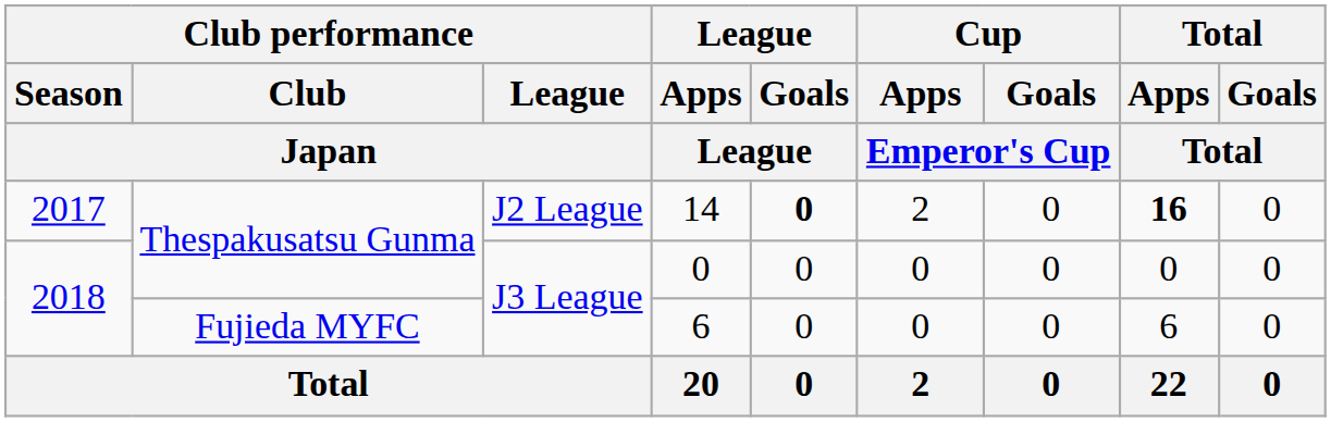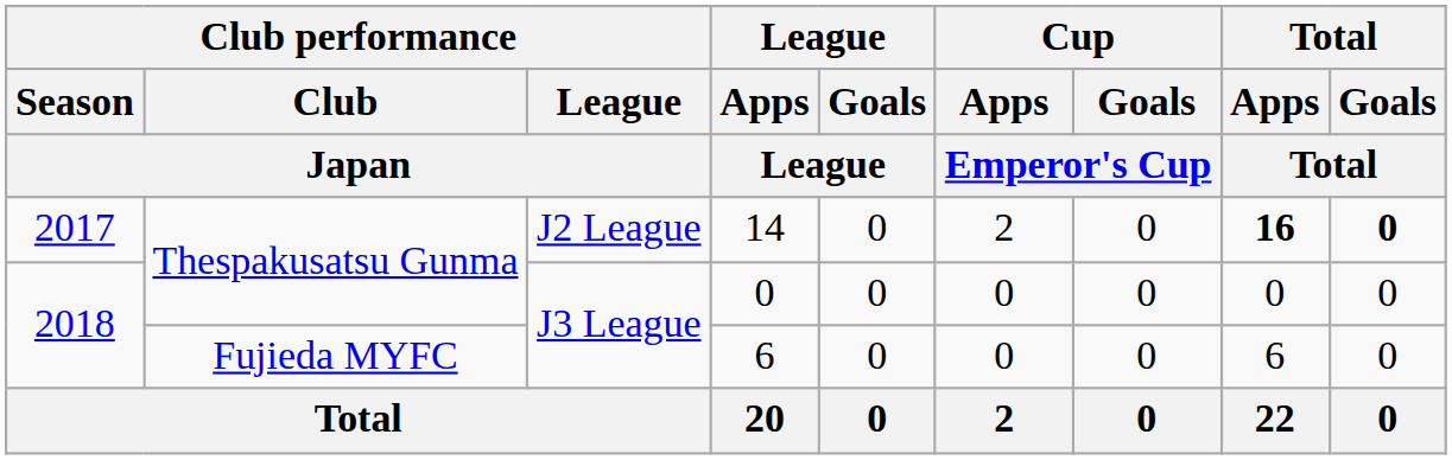 <table class="wikitable" style="text-align:center;">
 <tr>
 <th colspan=3>Club performance</th>
 <th colspan=2>League</th>
 <th colspan=2>Cup</th>
 <th colspan=2>Total</th>
 </tr>
 <tr>
 <th>Season</th>
 <th>Club</th>
 <th>League</th>
 <th>Apps</th>
 <th>Goals</th>
 <th>Apps</th>
 <th>Goals</th>
 <th>Apps</th>
 <th>Goals</th>
 </tr>
 <tr>
 <th colspan=3>Japan</th>
 <th colspan=2>League</th>
 <th colspan=2><a href='#'>Emperor's Cup</a></th>
 <th colspan=2>Total</th>
 </tr>
 <tr>
 <td><a href='#'>2017</a></td>
 <td rowspan="2"><a href='#'>Thespakusatsu Gunma</a></td>
 <td><a href='#'>J2 League</a></td>
 <td>14</td>
-<td><strong>0</strong></td>
+<td>0</td>
 <td>2</td>
 <td>0</td>
 <td><strong>16</strong></td>
-<td>0</td>
+<td><strong>0</strong></td>
 </tr>
 <tr>
 <td rowspan="2"><a href='#'>2018</a></td>
 <td rowspan="2"><a href='#'>J3 League</a></td>
 <td>0</td>
 <td>0</td>
 <td>0</td>
 <td>0</td>
 <td>0</td>
 <td>0</td>
 </tr>
 <tr>
 <td rowspan="1"><a href='#'>Fujieda MYFC</a></td>
 <td>6</td>
 <td>0</td>
 <td>0</td>
 <td>0</td>
 <td>6</td>
 <td>0</td>
 </tr>
 <tr>
 <th colspan=3>Total</th>
 <th>20</th>
 <th>0</th>
 <th>2</th>
 <th>0</th>
 <th>22</th>
 <th>0</th>
 </tr>
 </table>
